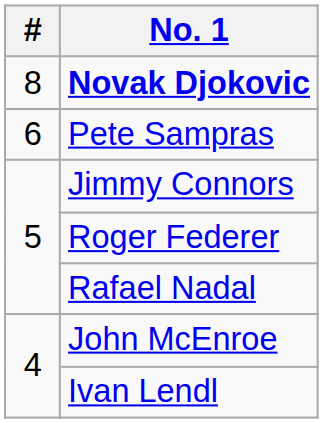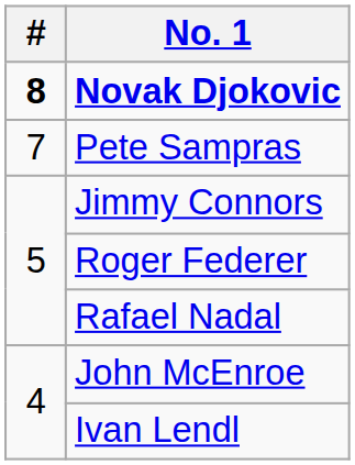 <table class="wikitable" style="display:inline-table;">
 <tr>
 <th width=20>#</th>
 <th><a href='#'>No. 1</a></th>
 </tr>
 <tr>
-<td style="text-align:center;">8</td>
+<td style="text-align:center;"><strong>8</strong></td>
 <td> <strong><a href='#'>Novak Djokovic</a></strong></td>
 </tr>
 <tr>
-<td style="text-align:center;">6</td>
+<td style="text-align:center;">7</td>
 <td> <a href='#'>Pete Sampras</a></td>
 </tr>
 <tr>
 <td rowspan="3" style="text-align:center;">5</td>
 <td> <a href='#'>Jimmy Connors</a></td>
 </tr>
 <tr>
 <td> <a href='#'>Roger Federer</a></td>
 </tr>
 <tr>
 <td> <a href='#'>Rafael Nadal</a></td>
 </tr>
 <tr>
 <td rowspan="2" style="text-align:center;">4</td>
 <td> <a href='#'>John McEnroe</a></td>
 </tr>
 <tr>
 <td> <a href='#'>Ivan Lendl</a></td>
 </tr>
 </table>
